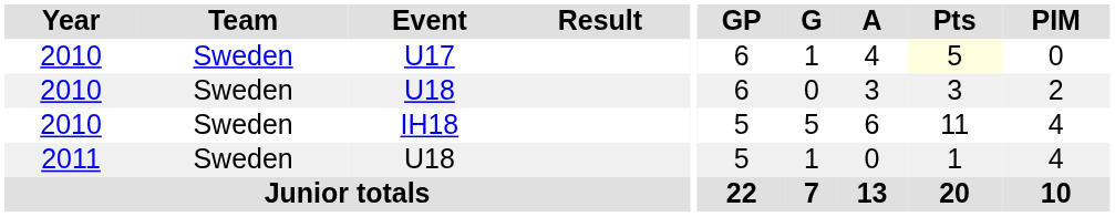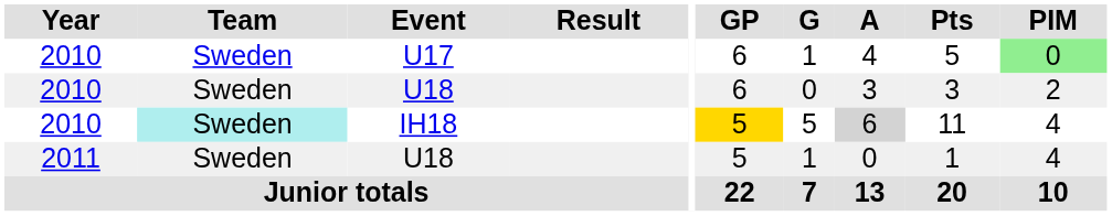 <table border="0" cellpadding="1" cellspacing="0" ID="Table3" style="text-align:center; width:40em">
 <tr ALIGN="center" bgcolor="#e0e0e0">
 <th>Year</th>
 <th>Team</th>
 <th>Event</th>
 <th>Result</th>
 <th rowspan="99" bgcolor="#ffffff"></th>
 <th>GP</th>
 <th>G</th>
 <th>A</th>
 <th>Pts</th>
 <th>PIM</th>
 </tr>
 <tr>
 <td><a href='#'>2010</a></td>
 <td><a href='#'>Sweden</a></td>
 <td><a href='#'>U17</a></td>
 <td></td>
 <td>6</td>
 <td>1</td>
 <td>4</td>
-<td style="background: lightyellow;">5</td>
-<td>0</td>
+<td>5</td>
+<td style="background: lightgreen;">0</td>
 </tr>
 <tr bgcolor="#f0f0f0">
 <td><a href='#'>2010</a></td>
 <td>Sweden</td>
 <td><a href='#'>U18</a></td>
 <td></td>
 <td>6</td>
 <td>0</td>
 <td>3</td>
 <td>3</td>
 <td>2</td>
 </tr>
 <tr>
 <td><a href='#'>2010</a></td>
-<td>Sweden</td>
+<td style="background: paleturquoise;">Sweden</td>
 <td><a href='#'>IH18</a></td>
 <td></td>
+<td style="background: gold;">5</td>
 <td>5</td>
-<td>5</td>
-<td>6</td>
+<td style="background: lightgrey;">6</td>
 <td>11</td>
 <td>4</td>
 </tr>
 <tr bgcolor="#f0f0f0">
 <td><a href='#'>2011</a></td>
 <td>Sweden</td>
 <td>U18</td>
 <td></td>
 <td>5</td>
 <td>1</td>
 <td>0</td>
 <td>1</td>
 <td>4</td>
 </tr>
 <tr ALIGN="center" bgcolor="#e0e0e0">
 <th colspan=4>Junior totals</th>
 <th>22</th>
 <th>7</th>
 <th>13</th>
 <th>20</th>
 <th>10</th>
 </tr>
 </table>
